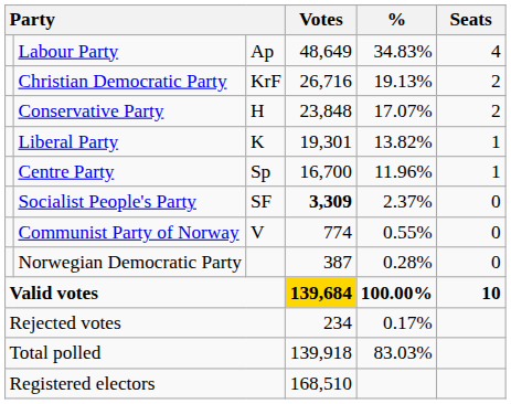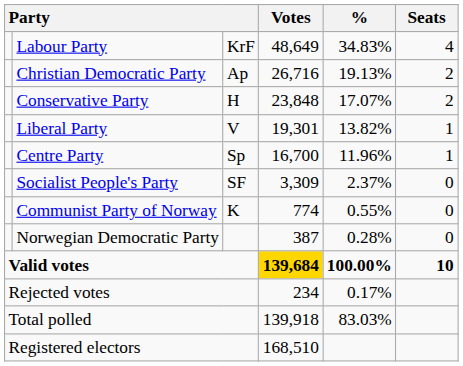 <table class="wikitable" border="1" style="text-align:right;">
 <tr>
 <th style="text-align:left;" colspan=3>Party</th>
 <th align=center width="50">Votes</th>
 <th align=center width="50">%</th>
 <th align=center width="50">Seats</th>
 </tr>
 <tr>
 <td style="color:inherit;background:"></td>
 <td align=left><a href='#'>Labour Party</a></td>
-<td align=left>Ap</td>
+<td align=left>KrF</td>
 <td>48,649</td>
 <td>34.83%</td>
 <td>4</td>
 </tr>
 <tr>
 <td style="color:inherit;background:"></td>
 <td align=left><a href='#'>Christian Democratic Party</a></td>
-<td align=left>KrF</td>
+<td align=left>Ap</td>
 <td>26,716</td>
 <td>19.13%</td>
 <td>2</td>
 </tr>
 <tr>
 <td style="color:inherit;background:"></td>
 <td align=left><a href='#'>Conservative Party</a></td>
 <td align=left>H</td>
 <td>23,848</td>
 <td>17.07%</td>
 <td>2</td>
 </tr>
 <tr>
 <td style="color:inherit;background:"></td>
 <td align=left><a href='#'>Liberal Party</a></td>
-<td align=left>K</td>
+<td align=left>V</td>
 <td>19,301</td>
 <td>13.82%</td>
 <td>1</td>
 </tr>
 <tr>
 <td style="color:inherit;background:"></td>
 <td align=left><a href='#'>Centre Party</a></td>
 <td align=left>Sp</td>
 <td>16,700</td>
 <td>11.96%</td>
 <td>1</td>
 </tr>
 <tr>
 <td style="color:inherit;background:"></td>
 <td align=left><a href='#'>Socialist People's Party</a></td>
 <td align=left>SF</td>
-<td><strong>3,309</strong></td>
+<td>3,309</td>
 <td>2.37%</td>
 <td>0</td>
 </tr>
 <tr>
 <td style="color:inherit;background:"></td>
 <td align=left><a href='#'>Communist Party of Norway</a></td>
-<td align=left>V</td>
+<td align=left>K</td>
 <td>774</td>
 <td>0.55%</td>
 <td>0</td>
 </tr>
 <tr>
 <td></td>
 <td align=left>Norwegian Democratic Party</td>
 <td align=left></td>
 <td>387</td>
 <td>0.28%</td>
 <td>0</td>
 </tr>
 <tr style="font-weight:bold">
 <td align=left colspan=3>Valid votes</td>
 <td style="background: gold;">139,684</td>
 <td>100.00%</td>
 <td>10</td>
 </tr>
 <tr>
 <td align=left colspan=3>Rejected votes</td>
 <td>234</td>
 <td>0.17%</td>
 <td></td>
 </tr>
 <tr>
 <td align=left colspan=3>Total polled</td>
 <td>139,918</td>
 <td>83.03%</td>
 <td></td>
 </tr>
 <tr>
 <td align=left colspan=3>Registered electors</td>
 <td>168,510</td>
 <td></td>
 <td></td>
 </tr>
 </table>
